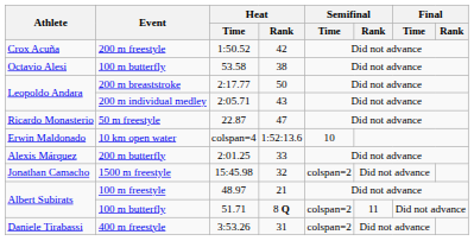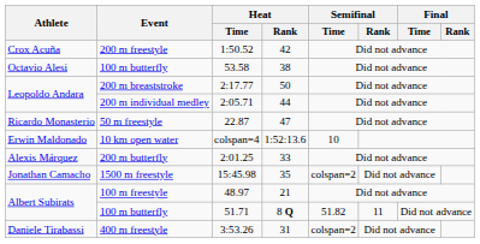 <table class=wikitable style="font-size:90%">
 <tr>
 <th rowspan="2">Athlete</th>
 <th rowspan="2">Event</th>
 <th colspan="2">Heat</th>
 <th colspan="2">Semifinal</th>
 <th colspan="2">Final</th>
 </tr>
 <tr style="font-size:95%">
 <th>Time</th>
 <th>Rank</th>
 <th>Time</th>
 <th>Rank</th>
 <th>Time</th>
 <th>Rank</th>
 </tr>
 <tr align=center>
 <td align=left><a href='#'>Crox Acuña</a></td>
 <td align=left><a href='#'>200 m freestyle</a></td>
 <td>1:50.52</td>
 <td>42</td>
 <td colspan=4>Did not advance</td>
 </tr>
 <tr align=center>
 <td align=left><a href='#'>Octavio Alesi</a></td>
 <td align=left><a href='#'>100 m butterfly</a></td>
 <td>53.58</td>
 <td>38</td>
 <td colspan=4>Did not advance</td>
 </tr>
 <tr align=center>
 <td align=left rowspan=2><a href='#'>Leopoldo Andara</a></td>
 <td align=left><a href='#'>200 m breaststroke</a></td>
 <td>2:17.77</td>
 <td>50</td>
 <td colspan=4>Did not advance</td>
 </tr>
 <tr align=center>
 <td align=left><a href='#'>200 m individual medley</a></td>
 <td>2:05.71</td>
-<td>43</td>
+<td>44</td>
 <td colspan=4>Did not advance</td>
 </tr>
 <tr align=center>
 <td align=left><a href='#'>Ricardo Monasterio</a></td>
 <td align=left><a href='#'>50 m freestyle</a></td>
 <td>22.87</td>
 <td>47</td>
 <td colspan=4>Did not advance</td>
 </tr>
 <tr align=center>
 <td align=left><a href='#'>Erwin Maldonado</a></td>
 <td align=left><a href='#'>10 km open water</a></td>
 <td>colspan=4 </td>
 <td>1:52:13.6</td>
 <td>10</td>
 </tr>
 <tr align=center>
 <td align=left><a href='#'>Alexis Márquez</a></td>
 <td align=left><a href='#'>200 m butterfly</a></td>
 <td>2:01.25</td>
 <td>33</td>
 <td colspan=4>Did not advance</td>
 </tr>
 <tr align=center>
 <td align=left><a href='#'>Jonathan Camacho</a></td>
 <td align=left><a href='#'>1500 m freestyle</a></td>
 <td>15:45.98</td>
-<td>32</td>
+<td>35</td>
 <td>colspan=2 </td>
 <td colspan=2>Did not advance</td>
 </tr>
 <tr align=center>
 <td align=left rowspan=2><a href='#'>Albert Subirats</a></td>
 <td align=left><a href='#'>100 m freestyle</a></td>
 <td>48.97</td>
 <td>21</td>
 <td colspan=4>Did not advance</td>
 </tr>
 <tr align=center>
 <td align=left><a href='#'>100 m butterfly</a></td>
 <td>51.71</td>
 <td>8 <strong>Q</strong></td>
-<td>colspan=2 </td>
+<td>51.82</td>
 <td>11</td>
 <td colspan=2>Did not advance</td>
 </tr>
 <tr align=center>
 <td align=left><a href='#'>Daniele Tirabassi</a></td>
 <td align=left><a href='#'>400 m freestyle</a></td>
 <td>3:53.26</td>
 <td>31</td>
 <td>colspan=2 </td>
 <td colspan=2>Did not advance</td>
 </tr>
 </table>
